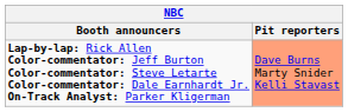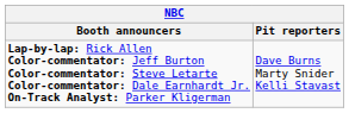 <table class="wikitable" style="font-size: 95%">
 <tr>
 <th colspan="2"><a href='#'>NBC</a></th>
 </tr>
 <tr>
 <th>Booth announcers</th>
 <th>Pit reporters</th>
 </tr>
 <tr>
 <td><strong>Lap-by-lap:</strong> <a href='#'>Rick Allen</a><br><strong>Color-commentator:</strong> <a href='#'>Jeff Burton</a><br><strong>Color-commentator:</strong> <a href='#'>Steve Letarte</a><br><strong>Color-commentator:</strong> <a href='#'>Dale Earnhardt Jr.</a><br><strong>On-Track Analyst:</strong> <a href='#'>Parker Kligerman</a></td>
-<td style="background: lightsalmon;"><a href='#'>Dave Burns</a><br>Marty Snider<br><a href='#'>Kelli Stavast</a></td>
+<td><a href='#'>Dave Burns</a><br>Marty Snider<br><a href='#'>Kelli Stavast</a></td>
 </tr>
 </table>
